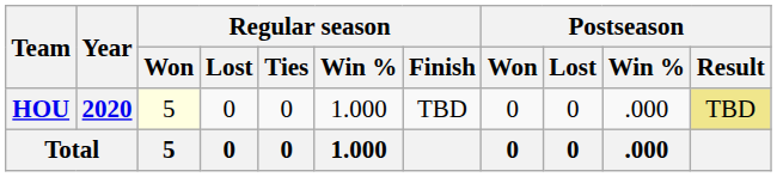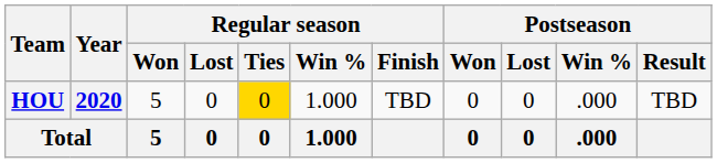 <table class="wikitable" style="font-size: 95%; text-align:center;">
 <tr>
 <th rowspan="2">Team</th>
 <th rowspan="2">Year</th>
 <th colspan="5">Regular season</th>
 <th colspan="4">Postseason</th>
 </tr>
 <tr>
 <th>Won</th>
 <th>Lost</th>
 <th>Ties</th>
 <th>Win %</th>
 <th>Finish</th>
 <th>Won</th>
 <th>Lost</th>
 <th>Win %</th>
 <th>Result</th>
 </tr>
 <tr>
 <th><a href='#'>HOU</a></th>
 <th><a href='#'>2020</a></th>
-<td style="background: lightyellow;">5</td>
+<td>5</td>
 <td>0</td>
-<td>0</td>
+<td style="background: gold;">0</td>
 <td>1.000</td>
 <td>TBD</td>
 <td>0</td>
 <td>0</td>
 <td>.000</td>
-<td style="background: khaki;">TBD</td>
+<td>TBD</td>
 </tr>
 <tr>
 <th colspan="2">Total</th>
 <th>5</th>
 <th>0</th>
 <th>0</th>
 <th>1.000</th>
 <th></th>
 <th>0</th>
 <th>0</th>
 <th>.000</th>
 <th></th>
 </tr>
 </table>
